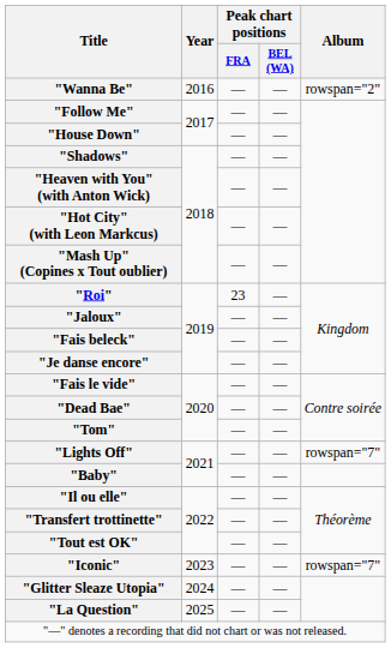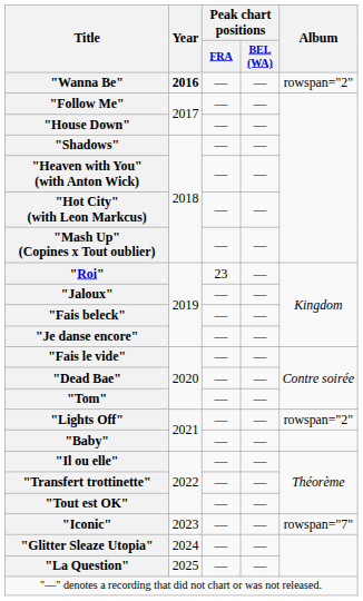 <table class="wikitable plainrowheaders" style="text-align:center;">
 <tr>
 <th scope="col" rowspan="2" style="width:12em;">Title</th>
 <th scope="col" rowspan="2" style="width:1em;">Year</th>
 <th scope="col" colspan="2">Peak chart positions</th>
 <th scope="col" rowspan="2">Album</th>
 </tr>
 <tr>
 <th scope="col" style="width:3em;font-size:85%;"><a href='#'>FRA</a><br></th>
 <th scope="col" style="width:3em;font-size:85%;"><a href='#'>BEL<br>(WA)</a><br></th>
 </tr>
 <tr>
 <th scope="row">"Wanna Be"</th>
-<td>2016</td>
+<td><strong>2016</strong></td>
 <td>—</td>
 <td>—</td>
 <td>rowspan="2" </td>
 </tr>
 <tr>
 <th scope="row">"Follow Me"</th>
 <td rowspan="2">2017</td>
 <td>—</td>
 <td>—</td>
 </tr>
 <tr>
 <th scope="row">"House Down"</th>
 <td>—</td>
 <td>—</td>
 </tr>
 <tr>
 <th scope="row">"Shadows"</th>
 <td rowspan="4">2018</td>
 <td>—</td>
 <td>—</td>
 </tr>
 <tr>
 <th scope="row">"Heaven with You"<br><span>(with Anton Wick)</span></th>
 <td>—</td>
 <td>—</td>
 </tr>
 <tr>
 <th scope="row">"Hot City"<br><span>(with Leon Markcus)</span></th>
 <td>—</td>
 <td>—</td>
 </tr>
 <tr>
 <th scope="row">"Mash Up"<br><span>(Copines x Tout oublier)</span></th>
 <td>—</td>
 <td>—</td>
 </tr>
 <tr>
 <th scope="row">"<a href='#'>Roi</a>"</th>
 <td rowspan="4">2019</td>
 <td>23<br></td>
 <td>—</td>
 <td rowspan="4"><em>Kingdom</em></td>
 </tr>
 <tr>
 <th scope="row">"Jaloux"</th>
 <td>—</td>
 <td>—</td>
 </tr>
 <tr>
 <th scope="row">"Fais beleck"</th>
 <td>—</td>
 <td>—</td>
 </tr>
 <tr>
 <th scope="row">"Je danse encore"</th>
 <td>—</td>
 <td>—</td>
 </tr>
 <tr>
 <th scope="row">"Fais le vide"</th>
 <td rowspan="3">2020</td>
 <td>—</td>
 <td>—</td>
 <td rowspan="3"><em>Contre soirée</em></td>
 </tr>
 <tr>
 <th scope="row">"Dead Bae"</th>
 <td>—</td>
 <td>—</td>
 </tr>
 <tr>
 <th scope="row">"Tom"</th>
 <td>—</td>
 <td>—</td>
 </tr>
 <tr>
 <th scope="row">"Lights Off"</th>
 <td rowspan="2">2021</td>
 <td>—</td>
 <td>—</td>
-<td>rowspan="7" </td>
+<td>rowspan="2" </td>
 </tr>
 <tr>
 <th scope="row">"Baby"</th>
 <td>—</td>
 <td>—</td>
 </tr>
 <tr>
 <th scope="row">"Il ou elle"</th>
 <td rowspan="3">2022</td>
 <td>—</td>
 <td>—</td>
 <td rowspan="3"><em>Théorème</em></td>
 </tr>
 <tr>
 <th scope="row">"Transfert trottinette"</th>
 <td>—</td>
 <td>—</td>
 </tr>
 <tr>
 <th scope="row">"Tout est OK"</th>
 <td>—</td>
 <td>—</td>
 </tr>
 <tr>
 <th scope="row">"Iconic"</th>
 <td>2023</td>
 <td>—</td>
 <td>—</td>
 <td>rowspan="7" </td>
 </tr>
 <tr>
 <th scope="row">"Glitter Sleaze Utopia"</th>
 <td>2024</td>
 <td>—</td>
 <td>—</td>
 </tr>
 <tr>
 <th scope="row">"La Question"</th>
 <td>2025</td>
 <td>—</td>
 <td>—</td>
 </tr>
 <tr>
 <td colspan="22" style="text-align:center; font-size:85%;">"—" denotes a recording that did not chart or was not released.</td>
 </tr>
 </table>
